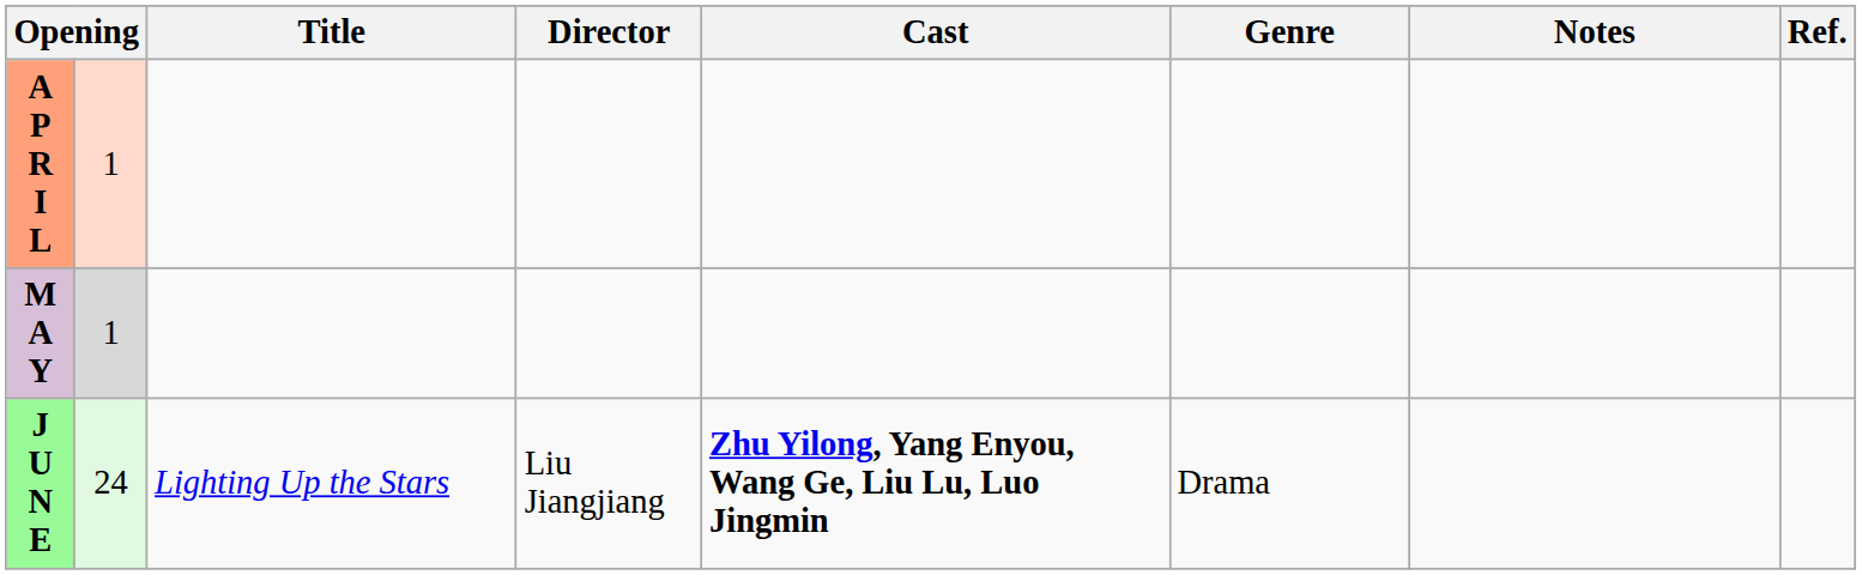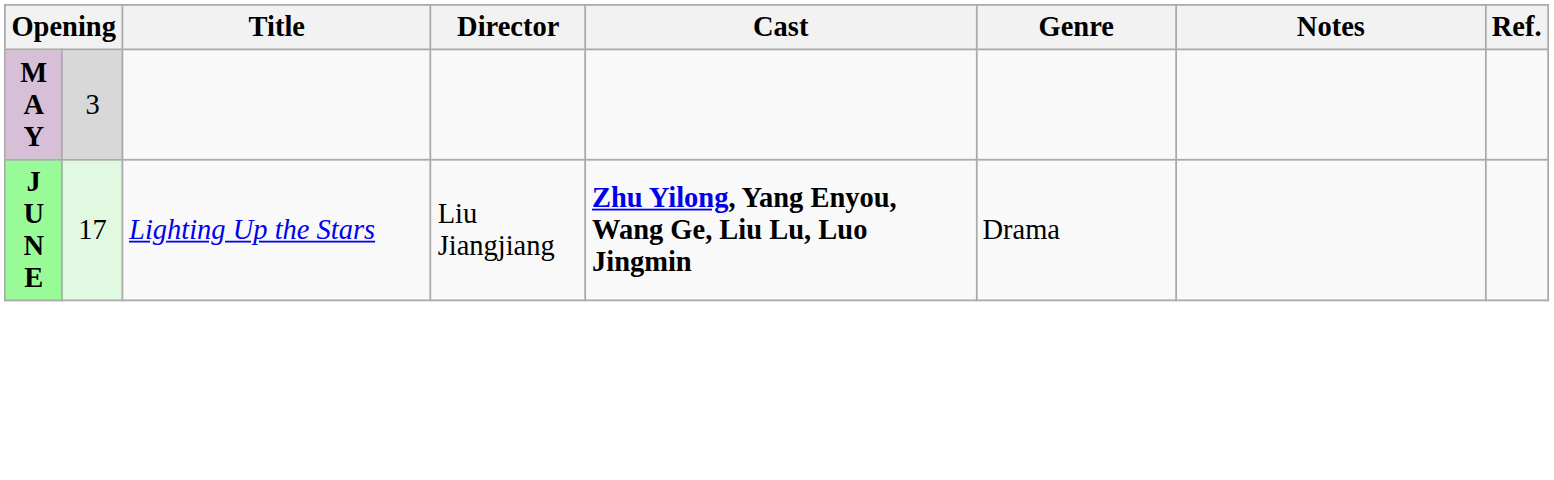 <table class="wikitable">
 <tr>
 <th colspan="2">Opening</th>
 <th style="width:20%;">Title</th>
 <th style="width:10%;">Director</th>
 <th>Cast</th>
 <th style="width:13%">Genre</th>
 <th style="width:20%">Notes</th>
 <th>Ref.</th>
 </tr>
 <tr>
-<th style="text-align:center; background:#ffa07a; textcolor:#000;">A<br>P<br>R<br>I<br>L</th>
-<td style="text-align:center; background:#ffdacc; textcolor:#000;">1</td>
-<td><em> </em></td>
-<td></td>
-<td></td>
-<td></td>
-<td></td>
-<td style="text-align:center;"></td>
-</tr>
-<tr>
 <th style="text-align:center; background:thistle; textcolor:#000;">M<br>A<br>Y</th>
-<td style="text-align:center; background:#d8d8d8; textcolor:#000;">1</td>
+<td style="text-align:center; background:#d8d8d8; textcolor:#000;">3</td>
 <td><em> </em></td>
 <td></td>
 <td></td>
 <td></td>
 <td></td>
 <td style="text-align:center;"></td>
 </tr>
 <tr>
 <th style="text-align:center; background:#98fb98; textcolor:#000;">J<br>U<br>N<br>E</th>
-<td style="text-align:center; background:#e0f9e0;">24</td>
+<td style="text-align:center; background:#e0f9e0;">17</td>
 <td><em><a href='#'>Lighting Up the Stars</a></em></td>
 <td>Liu Jiangjiang</td>
 <td><strong><a href='#'>Zhu Yilong</a>, Yang Enyou, Wang Ge, Liu Lu, Luo Jingmin</strong></td>
 <td>Drama</td>
 <td></td>
 <td style="text-align:center;"></td>
 </tr>
 </table>
